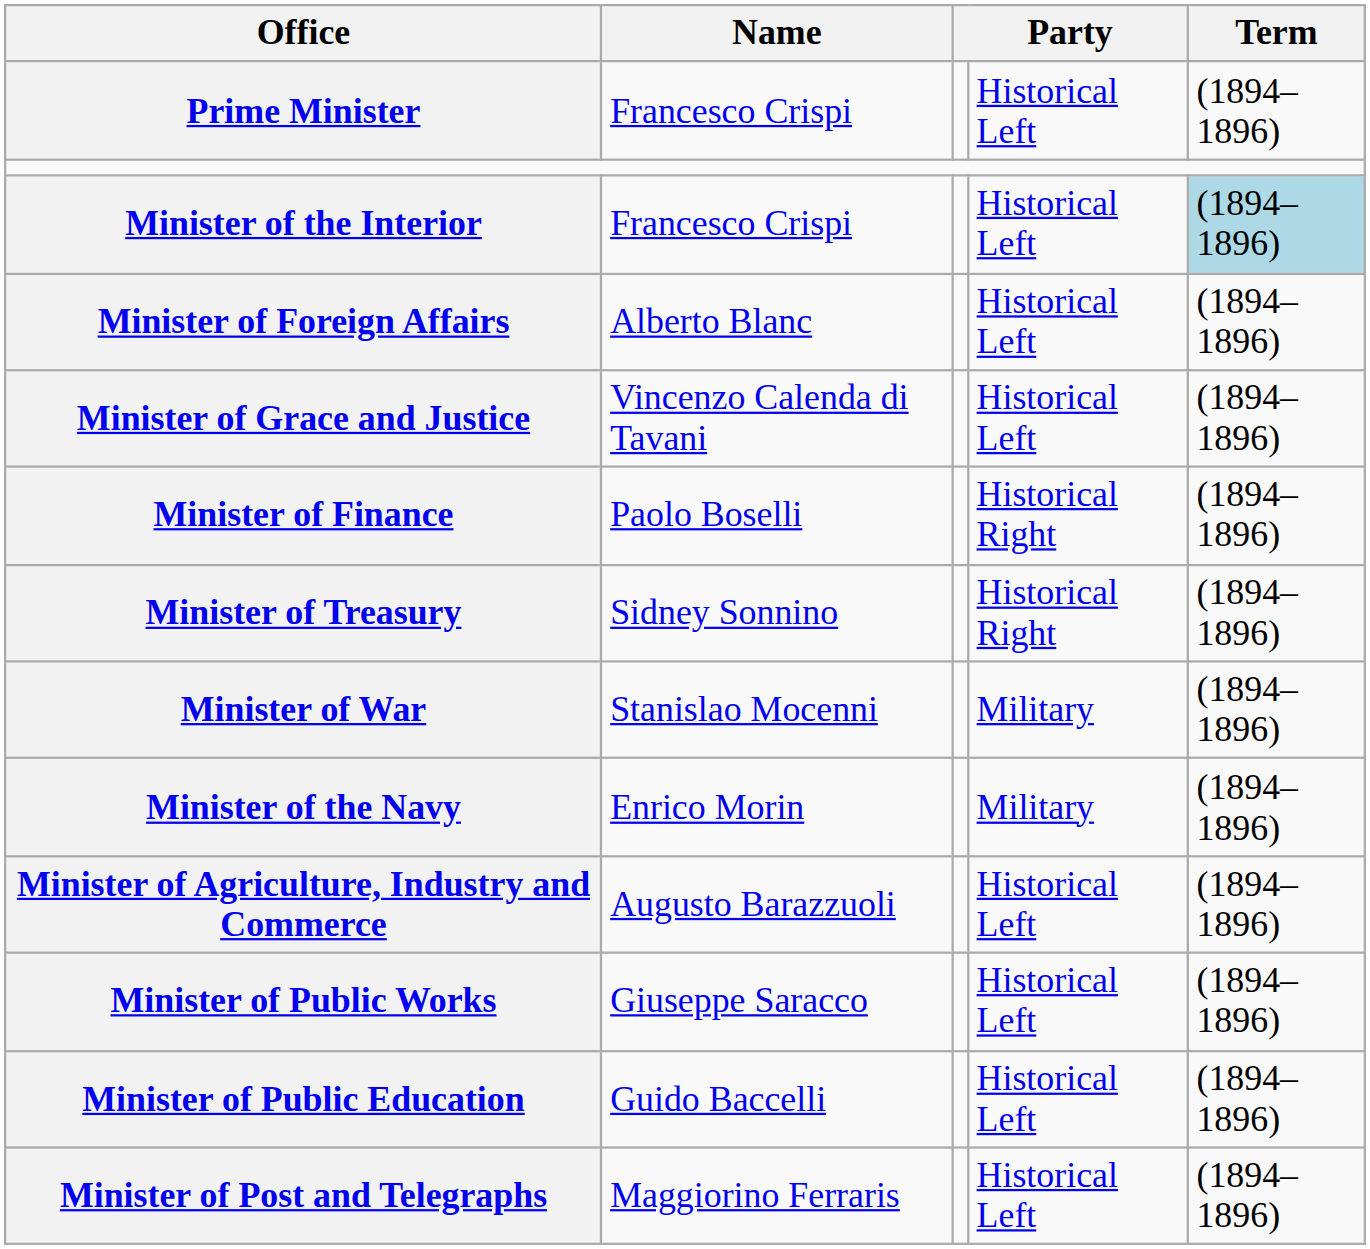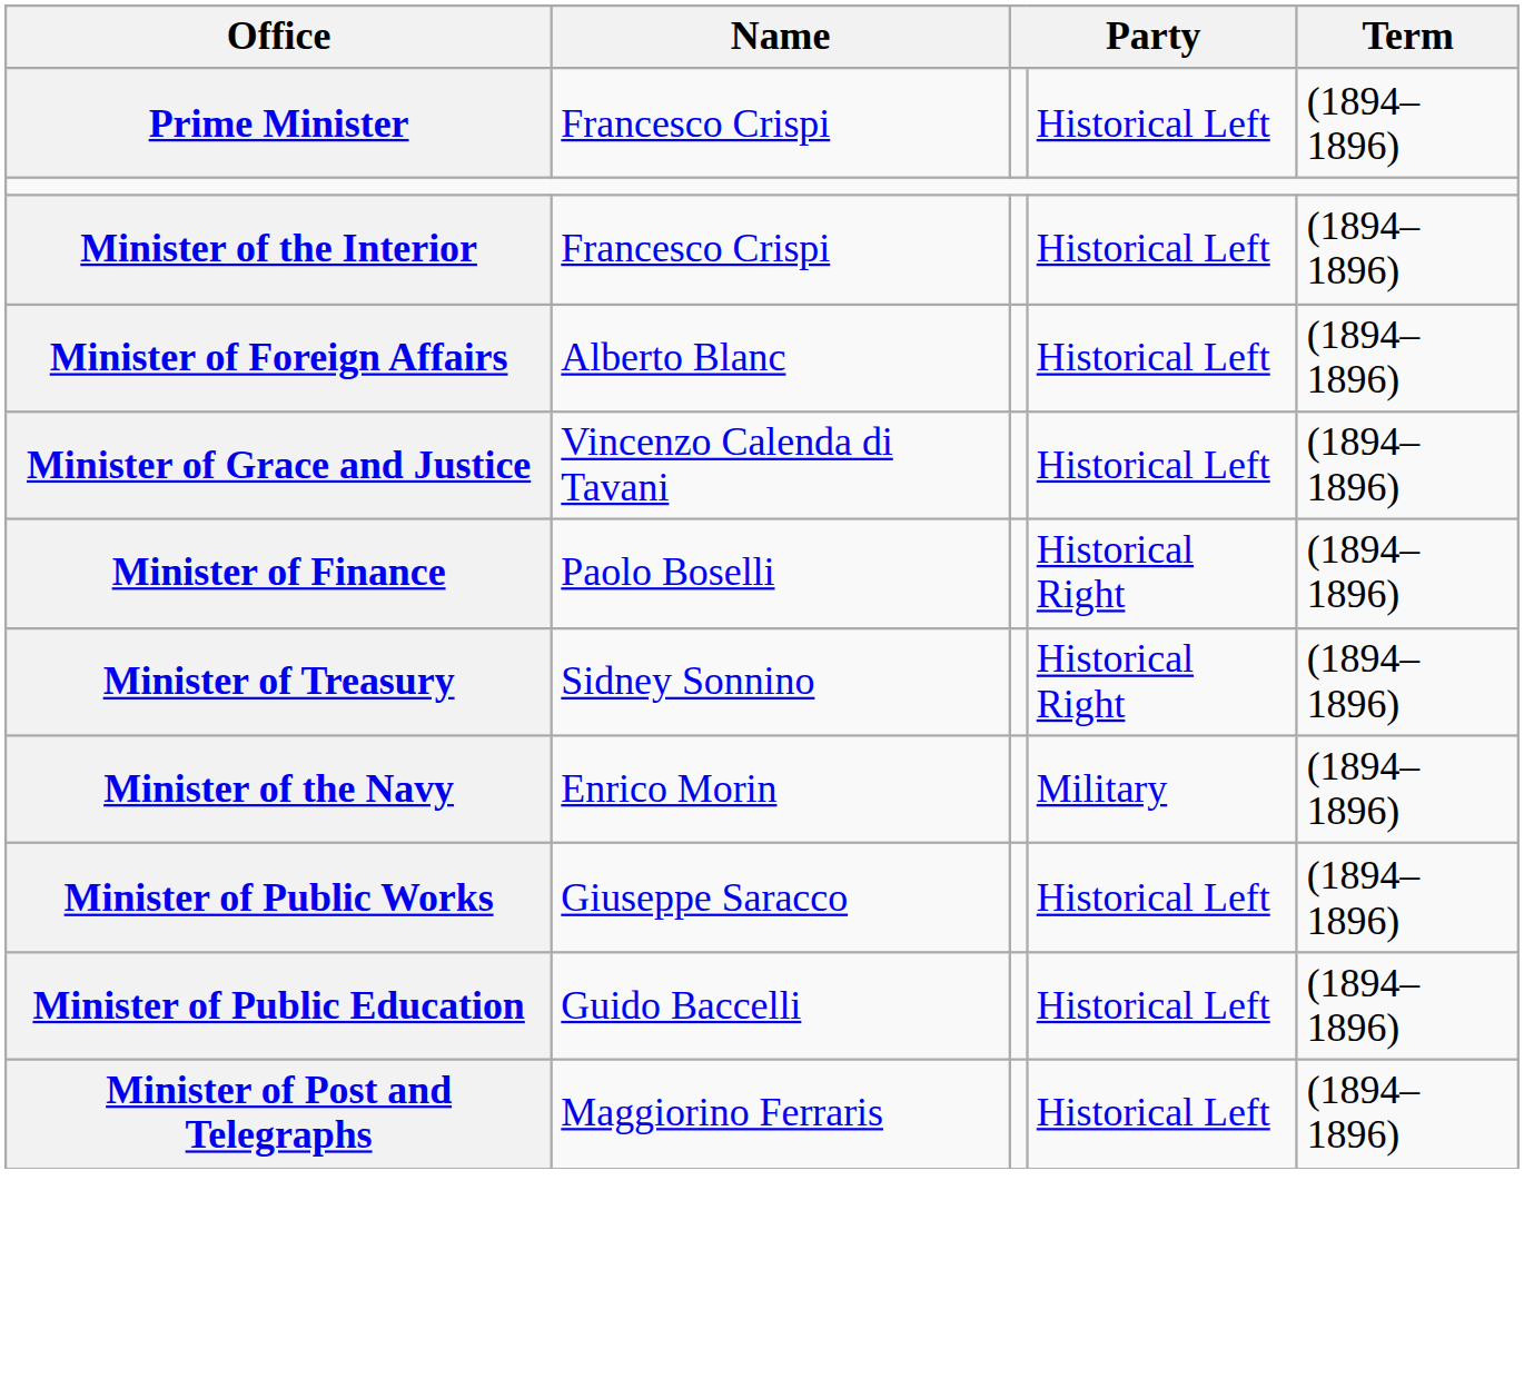 <table class="wikitable" style="font-size: 100%;">
 <tr>
 <th>Office</th>
 <th>Name</th>
 <th colspan=2>Party</th>
 <th>Term</th>
 </tr>
 <tr>
 <th><a href='#'>Prime Minister</a></th>
 <td><a href='#'>Francesco Crispi</a></td>
 <td style="color:inherit;background:"></td>
 <td><a href='#'>Historical Left</a></td>
 <td>(1894–1896)</td>
 </tr>
 <tr>
 <td colspan=5></td>
 </tr>
 <tr>
 <th><a href='#'>Minister of the Interior</a></th>
 <td><a href='#'>Francesco Crispi</a></td>
 <td style="color:inherit;background:"></td>
 <td><a href='#'>Historical Left</a></td>
-<td style="background: lightblue;">(1894–1896)</td>
+<td>(1894–1896)</td>
 </tr>
 <tr>
 <th><a href='#'>Minister of Foreign Affairs</a></th>
 <td><a href='#'>Alberto Blanc</a></td>
 <td style="color:inherit;background:"></td>
 <td><a href='#'>Historical Left</a></td>
 <td>(1894–1896)</td>
 </tr>
 <tr>
 <th><a href='#'>Minister of Grace and Justice</a></th>
 <td><a href='#'>Vincenzo Calenda di Tavani</a></td>
 <td style="color:inherit;background:"></td>
 <td><a href='#'>Historical Left</a></td>
 <td>(1894–1896)</td>
 </tr>
 <tr>
 <th><a href='#'>Minister of Finance</a></th>
 <td><a href='#'>Paolo Boselli</a></td>
 <td style="color:inherit;background:"></td>
 <td><a href='#'>Historical Right</a></td>
 <td>(1894–1896)</td>
 </tr>
 <tr>
 <th><a href='#'>Minister of Treasury</a></th>
 <td><a href='#'>Sidney Sonnino</a></td>
 <td style="color:inherit;background:"></td>
 <td><a href='#'>Historical Right</a></td>
 <td>(1894–1896)</td>
 </tr>
 <tr>
-<th><a href='#'>Minister of War</a></th>
-<td><a href='#'>Stanislao Mocenni</a></td>
-<td style="color:inherit;background:"></td>
-<td><a href='#'>Military</a></td>
-<td>(1894–1896)</td>
-</tr>
-<tr>
 <th><a href='#'>Minister of the Navy</a></th>
 <td><a href='#'>Enrico Morin</a></td>
 <td style="color:inherit;background:"></td>
 <td><a href='#'>Military</a></td>
-<td>(1894–1896)</td>
-</tr>
-<tr>
-<th><a href='#'>Minister of Agriculture, Industry and Commerce</a></th>
-<td><a href='#'>Augusto Barazzuoli</a></td>
-<td style="color:inherit;background:"></td>
-<td><a href='#'>Historical Left</a></td>
 <td>(1894–1896)</td>
 </tr>
 <tr>
 <th><a href='#'>Minister of Public Works</a></th>
 <td><a href='#'>Giuseppe Saracco</a></td>
 <td style="color:inherit;background:"></td>
 <td><a href='#'>Historical Left</a></td>
 <td>(1894–1896)</td>
 </tr>
 <tr>
 <th><a href='#'>Minister of Public Education</a></th>
 <td><a href='#'>Guido Baccelli</a></td>
 <td style="color:inherit;background:"></td>
 <td><a href='#'>Historical Left</a></td>
 <td>(1894–1896)</td>
 </tr>
 <tr>
 <th><a href='#'>Minister of Post and Telegraphs</a></th>
 <td><a href='#'>Maggiorino Ferraris</a></td>
 <td style="color:inherit;background:"></td>
 <td><a href='#'>Historical Left</a></td>
 <td>(1894–1896)</td>
 </tr>
 </table>
